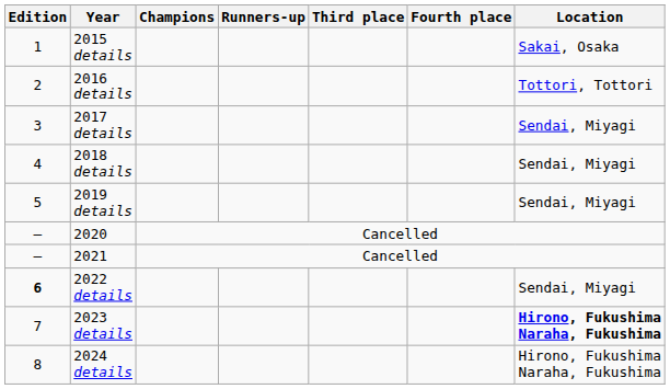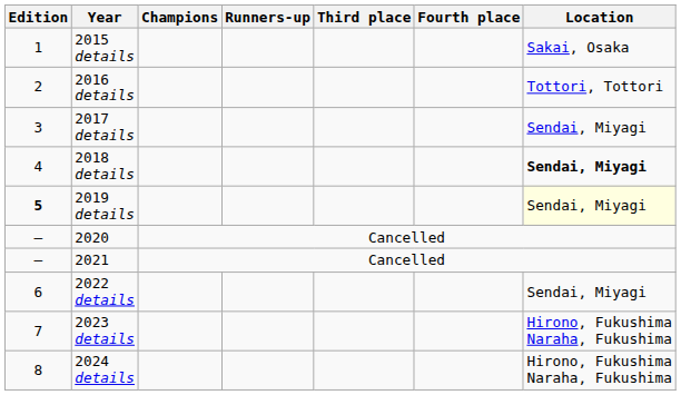 <table class="wikitable">
 <tr>
 <th>Edition</th>
 <th>Year</th>
 <th>Champions</th>
 <th>Runners-up</th>
 <th>Third place</th>
 <th>Fourth place</th>
 <th>Location</th>
 </tr>
 <tr>
 <td align="center">1</td>
 <td>2015 <br><em>details</em></td>
 <td></td>
 <td></td>
 <td></td>
 <td></td>
 <td><a href='#'>Sakai</a>, Osaka</td>
 </tr>
 <tr>
 <td align="center">2</td>
 <td>2016 <br><em>details</em></td>
 <td></td>
 <td></td>
 <td></td>
 <td></td>
 <td><a href='#'>Tottori</a>, Tottori</td>
 </tr>
 <tr>
 <td align="center">3</td>
 <td>2017 <br><em>details</em></td>
 <td></td>
 <td></td>
 <td></td>
 <td></td>
 <td><a href='#'>Sendai</a>, Miyagi</td>
 </tr>
 <tr>
 <td align="center">4</td>
 <td>2018 <br><em>details</em></td>
 <td></td>
 <td></td>
 <td></td>
 <td></td>
-<td>Sendai, Miyagi</td>
+<td><strong>Sendai, Miyagi</strong></td>
 </tr>
 <tr>
-<td align="center">5</td>
+<td align="center"><strong>5</strong></td>
 <td>2019 <br><em>details</em></td>
 <td></td>
 <td></td>
 <td></td>
 <td></td>
-<td>Sendai, Miyagi</td>
+<td style="background: lightyellow;">Sendai, Miyagi</td>
 </tr>
 <tr>
 <td align="center">—</td>
 <td>2020</td>
 <td colspan="5" align="center">Cancelled</td>
 </tr>
 <tr>
 <td align="center">—</td>
 <td>2021</td>
 <td colspan="5" align="center">Cancelled</td>
 </tr>
 <tr>
-<td align="center"><strong>6</strong></td>
+<td align="center">6</td>
 <td>2022 <br><em><a href='#'>details</a></em></td>
 <td></td>
 <td></td>
 <td></td>
 <td></td>
 <td>Sendai, Miyagi</td>
 </tr>
 <tr>
 <td align="center">7</td>
 <td>2023 <br><em><a href='#'>details</a></em></td>
 <td></td>
 <td></td>
 <td></td>
 <td></td>
-<td><strong><a href='#'>Hirono</a>, Fukushima <br><a href='#'>Naraha</a>, Fukushima</strong></td>
+<td><a href='#'>Hirono</a>, Fukushima <br><a href='#'>Naraha</a>, Fukushima</td>
 </tr>
 <tr>
 <td align="center">8</td>
 <td>2024 <br><em><a href='#'>details</a></em></td>
 <td></td>
 <td></td>
 <td></td>
 <td></td>
 <td>Hirono, Fukushima <br>Naraha, Fukushima</td>
 </tr>
 </table>
